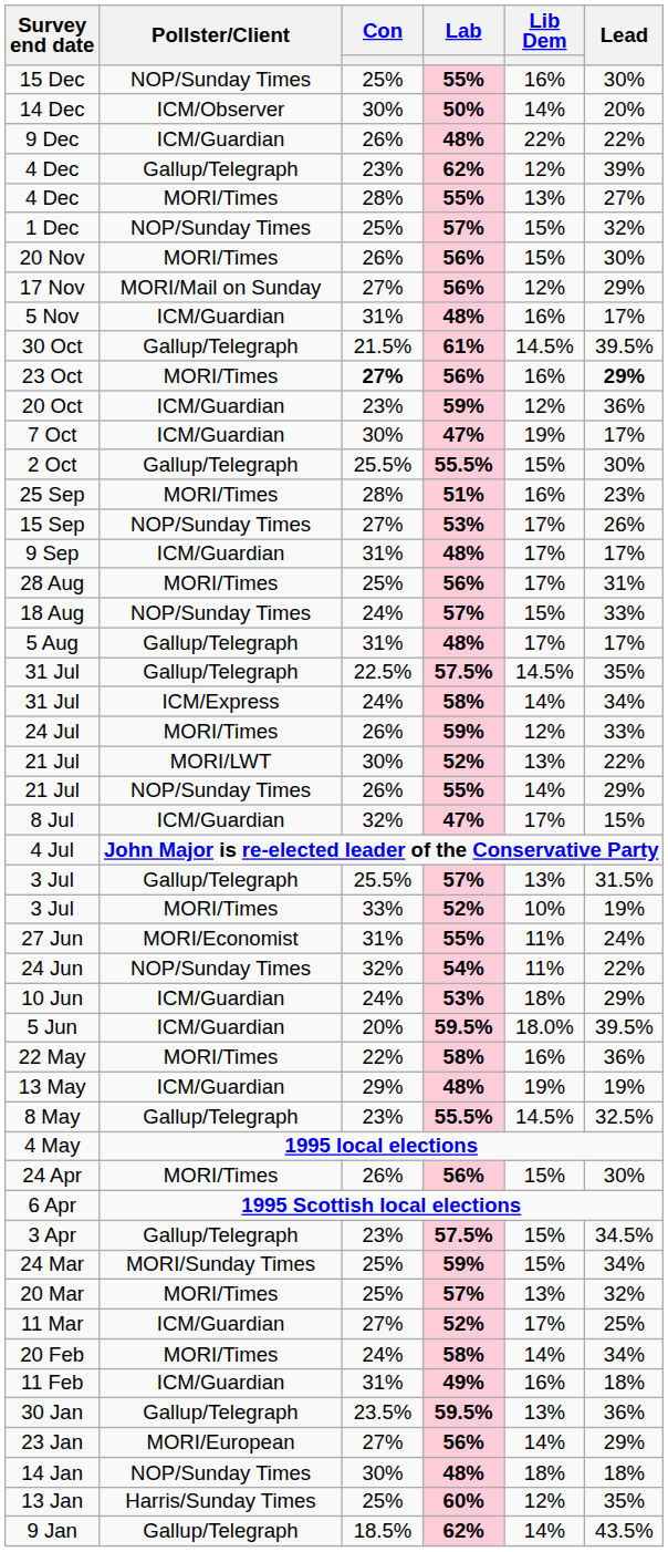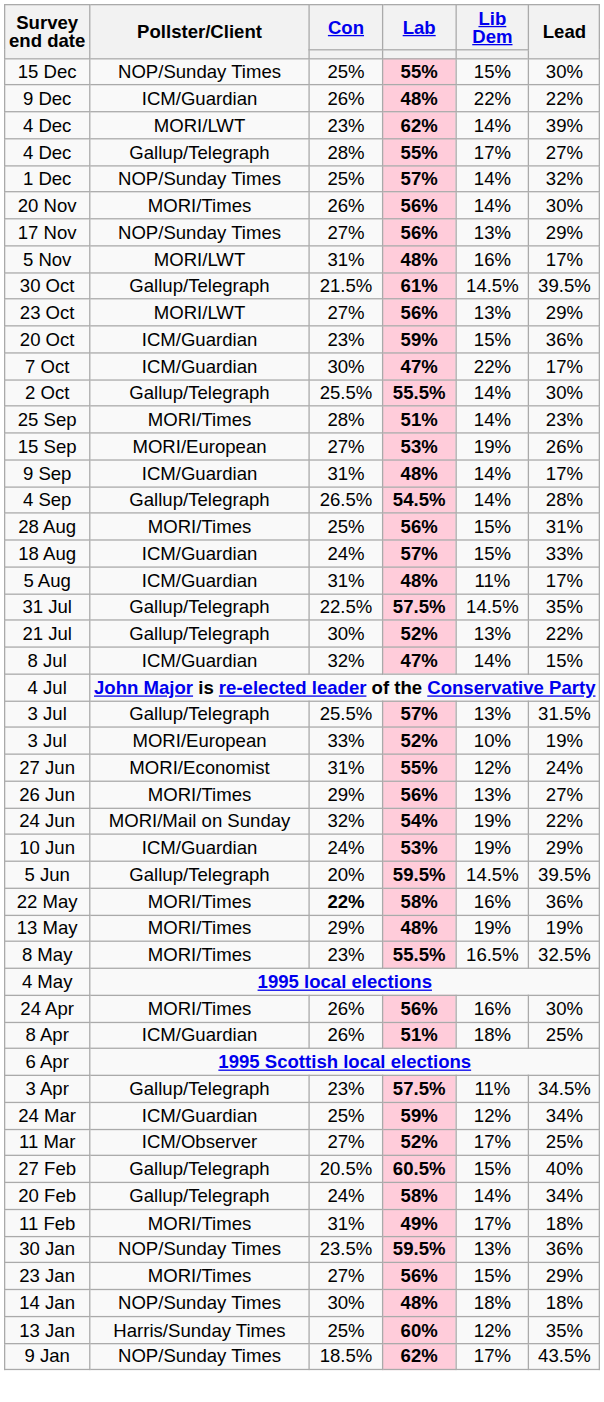 <table class="wikitable sortable mw-datatable" style="text-align:center;font-size:90%;line-height:14px;">
 <tr>
 <th rowspan="2">Survey<br>end date</th>
 <th rowspan="2">Pollster/Client</th>
 <th class="unsortable" style="width:50px;"><a href='#'>Con</a></th>
 <th class="unsortable" style="width:50px;"><a href='#'>Lab</a></th>
 <th class="unsortable" style="width:50px;"><a href='#'>Lib Dem</a></th>
 <th rowspan="2">Lead</th>
 </tr>
 <tr>
 <th style="background:"></th>
 <th style="background:"></th>
 <th style="background:"></th>
 </tr>
 <tr>
 <td>15 Dec</td>
 <td>NOP/Sunday Times</td>
 <td>25%</td>
 <td style="background:#FFCCDA;"><strong>55%</strong></td>
-<td>16%</td>
+<td>15%</td>
 <td style="background:">30%</td>
-</tr>
-<tr>
-<td>14 Dec</td>
-<td>ICM/Observer</td>
-<td>30%</td>
-<td style="background:#FFCCDA;"><strong>50%</strong></td>
-<td>14%</td>
-<td style="background:">20%</td>
 </tr>
 <tr>
 <td>9 Dec</td>
 <td>ICM/Guardian</td>
 <td>26%</td>
 <td style="background:#FFCCDA;"><strong>48%</strong></td>
 <td>22%</td>
 <td style="background:">22%</td>
 </tr>
 <tr>
 <td>4 Dec</td>
-<td>Gallup/Telegraph</td>
+<td>MORI/LWT</td>
 <td>23%</td>
 <td style="background:#FFCCDA;"><strong>62%</strong></td>
-<td>12%</td>
+<td>14%</td>
 <td style="background:">39%</td>
 </tr>
 <tr>
 <td>4 Dec</td>
-<td>MORI/Times</td>
+<td>Gallup/Telegraph</td>
 <td>28%</td>
 <td style="background:#FFCCDA;"><strong>55%</strong></td>
-<td>13%</td>
+<td>17%</td>
 <td style="background:">27%</td>
 </tr>
 <tr>
 <td>1 Dec</td>
 <td>NOP/Sunday Times</td>
 <td>25%</td>
 <td style="background:#FFCCDA;"><strong>57%</strong></td>
-<td>15%</td>
+<td>14%</td>
 <td style="background:">32%</td>
 </tr>
 <tr>
 <td>20 Nov</td>
 <td>MORI/Times</td>
 <td>26%</td>
 <td style="background:#FFCCDA;"><strong>56%</strong></td>
-<td>15%</td>
+<td>14%</td>
 <td style="background:">30%</td>
 </tr>
 <tr>
 <td>17 Nov</td>
-<td>MORI/Mail on Sunday</td>
+<td>NOP/Sunday Times</td>
 <td>27%</td>
 <td style="background:#FFCCDA;"><strong>56%</strong></td>
-<td>12%</td>
+<td>13%</td>
 <td style="background:">29%</td>
 </tr>
 <tr>
 <td>5 Nov</td>
-<td>ICM/Guardian</td>
+<td>MORI/LWT</td>
 <td>31%</td>
 <td style="background:#FFCCDA;"><strong>48%</strong></td>
 <td>16%</td>
 <td style="background:">17%</td>
 </tr>
 <tr>
 <td>30 Oct</td>
 <td>Gallup/Telegraph</td>
 <td>21.5%</td>
 <td style="background:#FFCCDA;"><strong>61%</strong></td>
 <td>14.5%</td>
 <td style="background:">39.5%</td>
 </tr>
 <tr>
 <td>23 Oct</td>
-<td>MORI/Times</td>
-<td><strong>27%</strong></td>
+<td>MORI/LWT</td>
+<td>27%</td>
 <td style="background:#FFCCDA;"><strong>56%</strong></td>
-<td>16%</td>
-<td style="background:"><strong>29%</strong></td>
+<td>13%</td>
+<td style="background:">29%</td>
 </tr>
 <tr>
 <td>20 Oct</td>
 <td>ICM/Guardian</td>
 <td>23%</td>
 <td style="background:#FFCCDA;"><strong>59%</strong></td>
-<td>12%</td>
+<td>15%</td>
 <td style="background:">36%</td>
 </tr>
 <tr>
 <td>7 Oct</td>
 <td>ICM/Guardian</td>
 <td>30%</td>
 <td style="background:#FFCCDA;"><strong>47%</strong></td>
-<td>19%</td>
+<td>22%</td>
 <td style="background:">17%</td>
 </tr>
 <tr>
 <td>2 Oct</td>
 <td>Gallup/Telegraph</td>
 <td>25.5%</td>
 <td style="background:#FFCCDA;"><strong>55.5%</strong></td>
-<td>15%</td>
+<td>14%</td>
 <td style="background:">30%</td>
 </tr>
 <tr>
 <td>25 Sep</td>
 <td>MORI/Times</td>
 <td>28%</td>
 <td style="background:#FFCCDA;"><strong>51%</strong></td>
-<td>16%</td>
+<td>14%</td>
 <td style="background:">23%</td>
 </tr>
 <tr>
 <td>15 Sep</td>
-<td>NOP/Sunday Times</td>
+<td>MORI/European</td>
 <td>27%</td>
 <td style="background:#FFCCDA;"><strong>53%</strong></td>
-<td>17%</td>
+<td>19%</td>
 <td style="background:">26%</td>
 </tr>
 <tr>
 <td>9 Sep</td>
 <td>ICM/Guardian</td>
 <td>31%</td>
 <td style="background:#FFCCDA;"><strong>48%</strong></td>
-<td>17%</td>
+<td>14%</td>
 <td style="background:">17%</td>
+</tr>
+<tr>
+<td>4 Sep</td>
+<td>Gallup/Telegraph</td>
+<td>26.5%</td>
+<td style="background:#FFCCDA;"><strong>54.5%</strong></td>
+<td>14%</td>
+<td style="background:">28%</td>
 </tr>
 <tr>
 <td>28 Aug</td>
 <td>MORI/Times</td>
 <td>25%</td>
 <td style="background:#FFCCDA;"><strong>56%</strong></td>
-<td>17%</td>
+<td>15%</td>
 <td style="background:">31%</td>
 </tr>
 <tr>
 <td>18 Aug</td>
-<td>NOP/Sunday Times</td>
+<td>ICM/Guardian</td>
 <td>24%</td>
 <td style="background:#FFCCDA;"><strong>57%</strong></td>
 <td>15%</td>
 <td style="background:">33%</td>
 </tr>
 <tr>
 <td>5 Aug</td>
-<td>Gallup/Telegraph</td>
+<td>ICM/Guardian</td>
 <td>31%</td>
 <td style="background:#FFCCDA;"><strong>48%</strong></td>
-<td>17%</td>
+<td>11%</td>
 <td style="background:">17%</td>
 </tr>
 <tr>
 <td>31 Jul</td>
 <td>Gallup/Telegraph</td>
 <td>22.5%</td>
 <td style="background:#FFCCDA;"><strong>57.5%</strong></td>
 <td>14.5%</td>
 <td style="background:">35%</td>
 </tr>
 <tr>
-<td>31 Jul</td>
-<td>ICM/Express</td>
-<td>24%</td>
-<td style="background:#FFCCDA;"><strong>58%</strong></td>
-<td>14%</td>
-<td style="background:">34%</td>
-</tr>
-<tr>
-<td>24 Jul</td>
-<td>MORI/Times</td>
-<td>26%</td>
-<td style="background:#FFCCDA;"><strong>59%</strong></td>
-<td>12%</td>
-<td style="background:">33%</td>
-</tr>
-<tr>
 <td>21 Jul</td>
-<td>MORI/LWT</td>
+<td>Gallup/Telegraph</td>
 <td>30%</td>
 <td style="background:#FFCCDA;"><strong>52%</strong></td>
 <td>13%</td>
 <td style="background:">22%</td>
 </tr>
 <tr>
-<td>21 Jul</td>
-<td>NOP/Sunday Times</td>
-<td>26%</td>
-<td style="background:#FFCCDA;"><strong>55%</strong></td>
-<td>14%</td>
-<td style="background:">29%</td>
-</tr>
-<tr>
 <td>8 Jul</td>
 <td>ICM/Guardian</td>
 <td>32%</td>
 <td style="background:#FFCCDA;"><strong>47%</strong></td>
-<td>17%</td>
+<td>14%</td>
 <td style="background:">15%</td>
 </tr>
 <tr>
 <td>4 Jul</td>
 <td colspan="5"><strong><a href='#'>John Major</a> is <a href='#'>re-elected leader</a> of the <a href='#'>Conservative Party</a></strong></td>
 </tr>
 <tr>
 <td>3 Jul</td>
 <td>Gallup/Telegraph</td>
 <td>25.5%</td>
 <td style="background:#FFCCDA;"><strong>57%</strong></td>
 <td>13%</td>
 <td style="background:">31.5%</td>
 </tr>
 <tr>
 <td>3 Jul</td>
-<td>MORI/Times</td>
+<td>MORI/European</td>
 <td>33%</td>
 <td style="background:#FFCCDA;"><strong>52%</strong></td>
 <td>10%</td>
 <td style="background:">19%</td>
 </tr>
 <tr>
 <td>27 Jun</td>
 <td>MORI/Economist</td>
 <td>31%</td>
 <td style="background:#FFCCDA;"><strong>55%</strong></td>
-<td>11%</td>
+<td>12%</td>
 <td style="background:">24%</td>
 </tr>
 <tr>
+<td>26 Jun</td>
+<td>MORI/Times</td>
+<td>29%</td>
+<td style="background:#FFCCDA;"><strong>56%</strong></td>
+<td>13%</td>
+<td style="background:">27%</td>
+</tr>
+<tr>
 <td>24 Jun</td>
-<td>NOP/Sunday Times</td>
+<td>MORI/Mail on Sunday</td>
 <td>32%</td>
 <td style="background:#FFCCDA;"><strong>54%</strong></td>
-<td>11%</td>
+<td>19%</td>
 <td style="background:">22%</td>
 </tr>
 <tr>
 <td>10 Jun</td>
 <td>ICM/Guardian</td>
 <td>24%</td>
 <td style="background:#FFCCDA;"><strong>53%</strong></td>
-<td>18%</td>
+<td>19%</td>
 <td style="background:">29%</td>
 </tr>
 <tr>
 <td>5 Jun</td>
-<td>ICM/Guardian</td>
+<td>Gallup/Telegraph</td>
 <td>20%</td>
 <td style="background:#FFCCDA;"><strong>59.5%</strong></td>
-<td>18.0%</td>
+<td>14.5%</td>
 <td style="background:">39.5%</td>
 </tr>
 <tr>
 <td>22 May</td>
 <td>MORI/Times</td>
-<td>22%</td>
+<td><strong>22%</strong></td>
 <td style="background:#FFCCDA;"><strong>58%</strong></td>
 <td>16%</td>
 <td style="background:">36%</td>
 </tr>
 <tr>
 <td>13 May</td>
-<td>ICM/Guardian</td>
+<td>MORI/Times</td>
 <td>29%</td>
 <td style="background:#FFCCDA;"><strong>48%</strong></td>
 <td>19%</td>
 <td style="background:">19%</td>
 </tr>
 <tr>
 <td>8 May</td>
-<td>Gallup/Telegraph</td>
+<td>MORI/Times</td>
 <td>23%</td>
 <td style="background:#FFCCDA;"><strong>55.5%</strong></td>
-<td>14.5%</td>
+<td>16.5%</td>
 <td style="background:">32.5%</td>
 </tr>
 <tr>
 <td>4 May</td>
 <td colspan="5"><a href='#'><strong>1995 local elections</strong></a></td>
 </tr>
 <tr>
 <td>24 Apr</td>
 <td>MORI/Times</td>
 <td>26%</td>
 <td style="background:#FFCCDA;"><strong>56%</strong></td>
-<td>15%</td>
+<td>16%</td>
 <td style="background:">30%</td>
+</tr>
+<tr>
+<td>8 Apr</td>
+<td>ICM/Guardian</td>
+<td>26%</td>
+<td style="background:#FFCCDA;"><strong>51%</strong></td>
+<td>18%</td>
+<td style="background:">25%</td>
 </tr>
 <tr>
 <td>6 Apr</td>
 <td colspan="5"><strong><a href='#'>1995 Scottish local elections</a></strong></td>
 </tr>
 <tr>
 <td>3 Apr</td>
 <td>Gallup/Telegraph</td>
 <td>23%</td>
 <td style="background:#FFCCDA;"><strong>57.5%</strong></td>
-<td>15%</td>
+<td>11%</td>
 <td style="background:">34.5%</td>
 </tr>
 <tr>
 <td>24 Mar</td>
-<td>MORI/Sunday Times</td>
+<td>ICM/Guardian</td>
 <td>25%</td>
 <td style="background:#FFCCDA;"><strong>59%</strong></td>
-<td>15%</td>
+<td>12%</td>
 <td style="background:">34%</td>
 </tr>
 <tr>
-<td>20 Mar</td>
-<td>MORI/Times</td>
-<td>25%</td>
-<td style="background:#FFCCDA;"><strong>57%</strong></td>
-<td>13%</td>
-<td style="background:">32%</td>
-</tr>
-<tr>
 <td>11 Mar</td>
-<td>ICM/Guardian</td>
+<td>ICM/Observer</td>
 <td>27%</td>
 <td style="background:#FFCCDA;"><strong>52%</strong></td>
 <td>17%</td>
 <td style="background:">25%</td>
 </tr>
 <tr>
+<td>27 Feb</td>
+<td>Gallup/Telegraph</td>
+<td>20.5%</td>
+<td style="background:#FFCCDA;"><strong>60.5%</strong></td>
+<td>15%</td>
+<td style="background:">40%</td>
+</tr>
+<tr>
 <td>20 Feb</td>
-<td>MORI/Times</td>
+<td>Gallup/Telegraph</td>
 <td>24%</td>
 <td style="background:#FFCCDA;"><strong>58%</strong></td>
 <td>14%</td>
 <td style="background:">34%</td>
 </tr>
 <tr>
 <td>11 Feb</td>
-<td>ICM/Guardian</td>
+<td>MORI/Times</td>
 <td>31%</td>
 <td style="background:#FFCCDA;"><strong>49%</strong></td>
-<td>16%</td>
+<td>17%</td>
 <td style="background:">18%</td>
 </tr>
 <tr>
 <td>30 Jan</td>
-<td>Gallup/Telegraph</td>
+<td>NOP/Sunday Times</td>
 <td>23.5%</td>
 <td style="background:#FFCCDA;"><strong>59.5%</strong></td>
 <td>13%</td>
 <td style="background:">36%</td>
 </tr>
 <tr>
 <td>23 Jan</td>
-<td>MORI/European</td>
+<td>MORI/Times</td>
 <td>27%</td>
 <td style="background:#FFCCDA;"><strong>56%</strong></td>
-<td>14%</td>
+<td>15%</td>
 <td style="background:">29%</td>
 </tr>
 <tr>
 <td>14 Jan</td>
 <td>NOP/Sunday Times</td>
 <td>30%</td>
 <td style="background:#FFCCDA;"><strong>48%</strong></td>
 <td>18%</td>
 <td style="background:">18%</td>
 </tr>
 <tr>
 <td>13 Jan</td>
 <td>Harris/Sunday Times</td>
 <td>25%</td>
 <td style="background:#FFCCDA;"><strong>60%</strong></td>
 <td>12%</td>
 <td style="background:">35%</td>
 </tr>
 <tr>
 <td>9 Jan</td>
-<td>Gallup/Telegraph</td>
+<td>NOP/Sunday Times</td>
 <td>18.5%</td>
 <td style="background:#FFCCDA;"><strong>62%</strong></td>
-<td>14%</td>
+<td>17%</td>
 <td style="background:">43.5%</td>
 </tr>
 </table>
